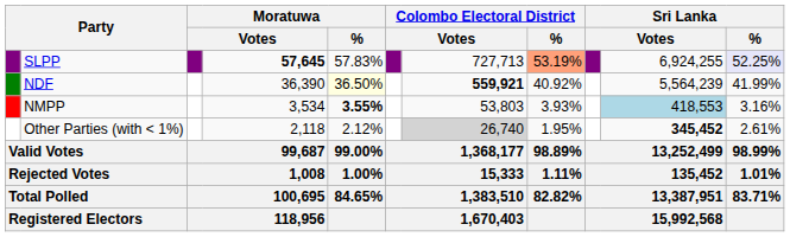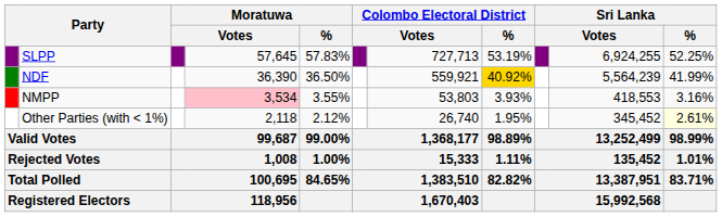 <table class="wikitable">
 <tr>
 <th colspan="2" width="144px"rowspan="2">Party</th>
 <th colspan="3" width="216px">Moratuwa</th>
 <th colspan="3" width="216px"><a href='#'>Colombo Electoral District</a></th>
 <th colspan="3" width="216px">Sri Lanka</th>
 </tr>
 <tr>
 <th colspan="2" width="144px">Votes</th>
 <th>%</th>
 <th colspan="2" width="144px">Votes</th>
 <th>%</th>
 <th colspan="2" width="144px">Votes</th>
 <th>%</th>
 </tr>
 <tr>
 <td style="background-color:purple;" width="10px"></td>
 <td style="text-align:left;"><a href='#'>SLPP</a></td>
 <td style="background-color:purple;" width="10px"></td>
-<td style="text-align:right;"><strong>57,645</strong></td>
+<td style="text-align:right;">57,645</td>
 <td style="text-align:right;">57.83%</td>
 <td style="background-color:purple;" width="10px"></td>
 <td style="text-align:right;">727,713</td>
-<td style="background: lightsalmon; text-align:right;">53.19%</td>
+<td style="text-align:right;">53.19%</td>
 <td style="background-color:purple;" width="10px"></td>
 <td style="text-align:right;">6,924,255</td>
-<td style="background: lavender; text-align:right;">52.25%</td>
+<td style="text-align:right;">52.25%</td>
 </tr>
 <tr>
 <td style="background-color:green;" width="10px"></td>
 <td style="text-align:left;"><a href='#'>NDF</a></td>
 <td style="background-color:white;" width="10px"></td>
 <td style="text-align:right;">36,390</td>
-<td style="background: lightyellow; text-align:right;">36.50%</td>
+<td style="text-align:right;">36.50%</td>
 <td style="background-color:white;" width="10px"></td>
-<td style="text-align:right;"><strong>559,921</strong></td>
-<td style="text-align:right;">40.92%</td>
+<td style="text-align:right;">559,921</td>
+<td style="background: gold; text-align:right;">40.92%</td>
 <td style="background-color:white;" width="10px"></td>
 <td style="text-align:right;">5,564,239</td>
 <td style="text-align:right;">41.99%</td>
 </tr>
 <tr>
 <td style="background-color:red;" width="10px"></td>
 <td style="text-align:left;">NMPP</td>
 <td style="background-color:white;" width="10px"></td>
-<td style="text-align:right;">3,534</td>
-<td style="text-align:right;"><strong>3.55%</strong></td>
+<td style="background: pink; text-align:right;">3,534</td>
+<td style="text-align:right;">3.55%</td>
 <td style="background-color:white;" width="10px"></td>
 <td style="text-align:right;">53,803</td>
 <td style="text-align:right;">3.93%</td>
 <td style="background-color:white;" width="10px"></td>
-<td style="background: lightblue; text-align:right;">418,553</td>
+<td style="text-align:right;">418,553</td>
 <td style="text-align:right;">3.16%</td>
 </tr>
 <tr>
 <td style="background-color:white;" width="10px"></td>
 <td style="text-align:left;">Other Parties (with < 1%)</td>
 <td style="background-color:white;" width="10px"></td>
 <td style="text-align:right;">2,118</td>
 <td style="text-align:right;">2.12%</td>
 <td style="background-color:white;" width="10px"></td>
-<td style="background: lightgrey; text-align:right;">26,740</td>
+<td style="text-align:right;">26,740</td>
 <td style="text-align:right;">1.95%</td>
 <td style="background-color:white;" width="10px"></td>
-<td style="text-align:right;"><strong>345,452</strong></td>
-<td style="text-align:right;">2.61%</td>
+<td style="text-align:right;">345,452</td>
+<td style="background: lightyellow; text-align:right;">2.61%</td>
 </tr>
 <tr>
 <th colspan="2" width="144px"style="text-align:left;">Valid Votes</th>
 <th style="text-align:right;"colspan="2" width="144px">99,687</th>
 <th style="text-align:right;">99.00%</th>
 <th style="text-align:right;"colspan="2" width="144px">1,368,177</th>
 <th style="text-align:right;">98.89%</th>
 <th style="text-align:right;"colspan="2" width="144px">13,252,499</th>
 <th style="text-align:right;">98.99%</th>
 </tr>
 <tr>
 <th colspan="2" width="144px"style="text-align:left;">Rejected Votes</th>
 <th style="text-align:right;"colspan="2" width="144px">1,008</th>
 <th style="text-align:right;">1.00%</th>
 <th style="text-align:right;"colspan="2" width="144px">15,333</th>
 <th style="text-align:right;">1.11%</th>
 <th style="text-align:right;"colspan="2" width="144px">135,452</th>
 <th style="text-align:right;">1.01%</th>
 </tr>
 <tr>
 <th colspan="2" width="144px"style="text-align:left;">Total Polled</th>
 <th style="text-align:right;"colspan="2" width="144px">100,695</th>
 <th style="text-align:right;">84.65%</th>
 <th style="text-align:right;"colspan="2" width="144px">1,383,510</th>
 <th style="text-align:right;">82.82%</th>
 <th style="text-align:right;"colspan="2" width="144px">13,387,951</th>
 <th style="text-align:right;">83.71%</th>
 </tr>
 <tr>
 <th colspan="2" width="144px"style="text-align:left;">Registered Electors</th>
 <th style="text-align:right;"colspan="2" width="144px">118,956</th>
 <th></th>
 <th style="text-align:right;"colspan="2" width="144px">1,670,403</th>
 <th></th>
 <th style="text-align:right;"colspan="2" width="144px">15,992,568</th>
 <th></th>
 </tr>
 </table>
